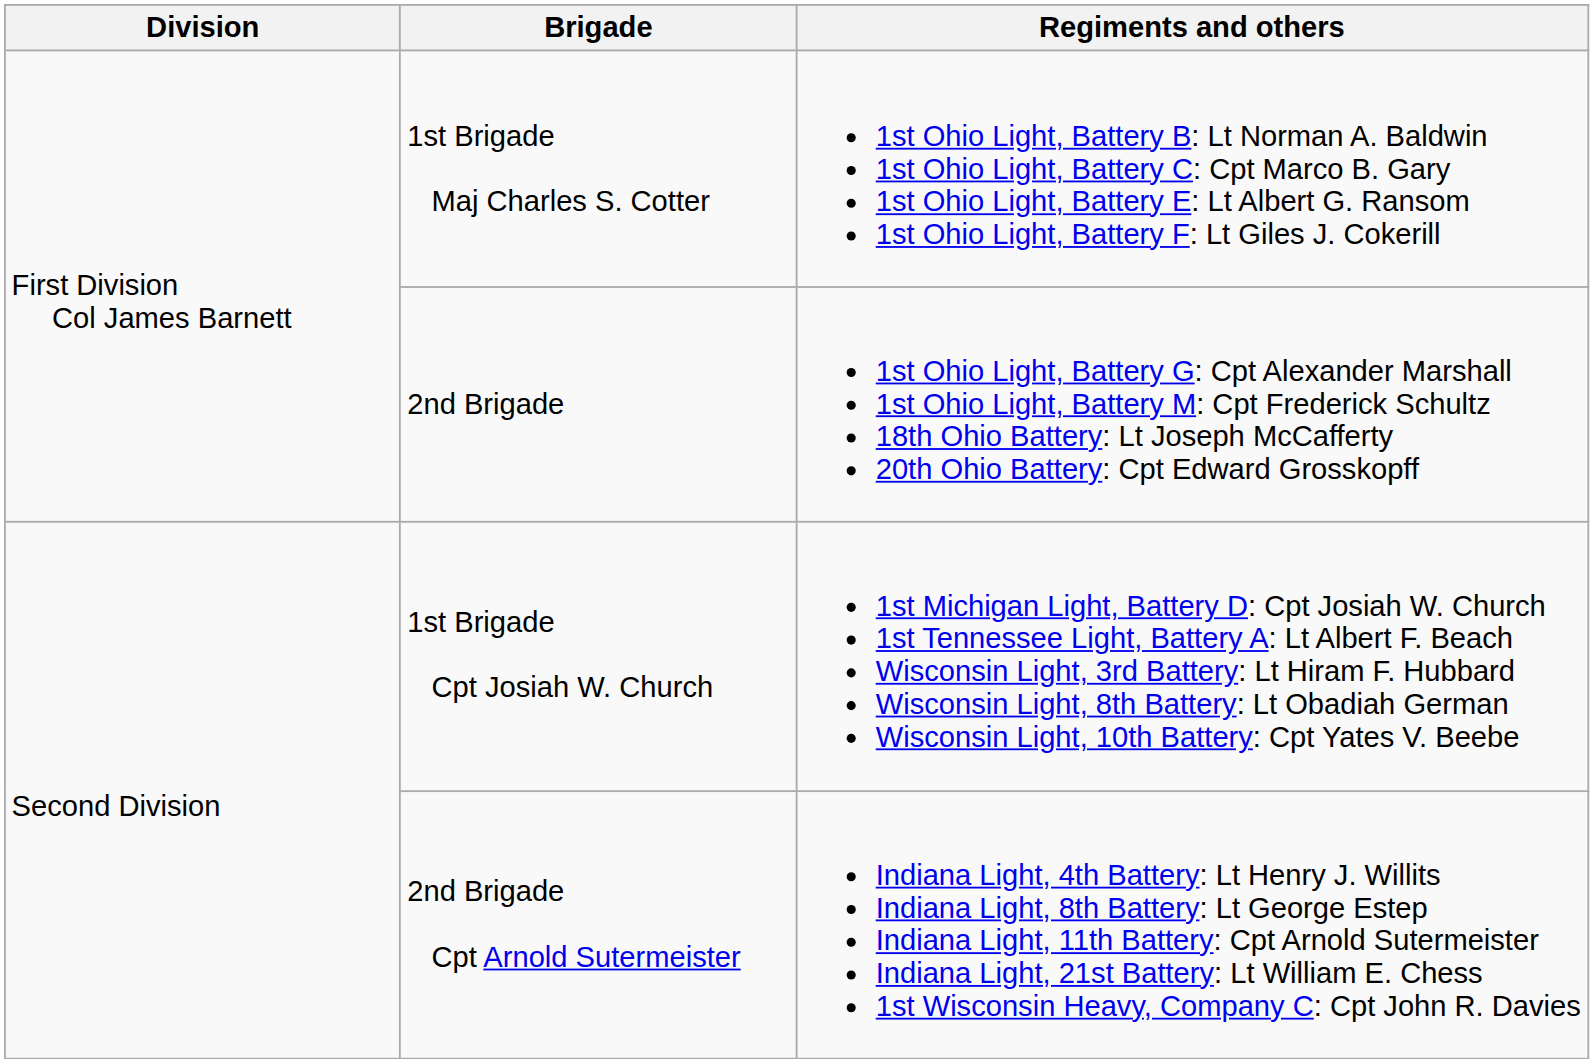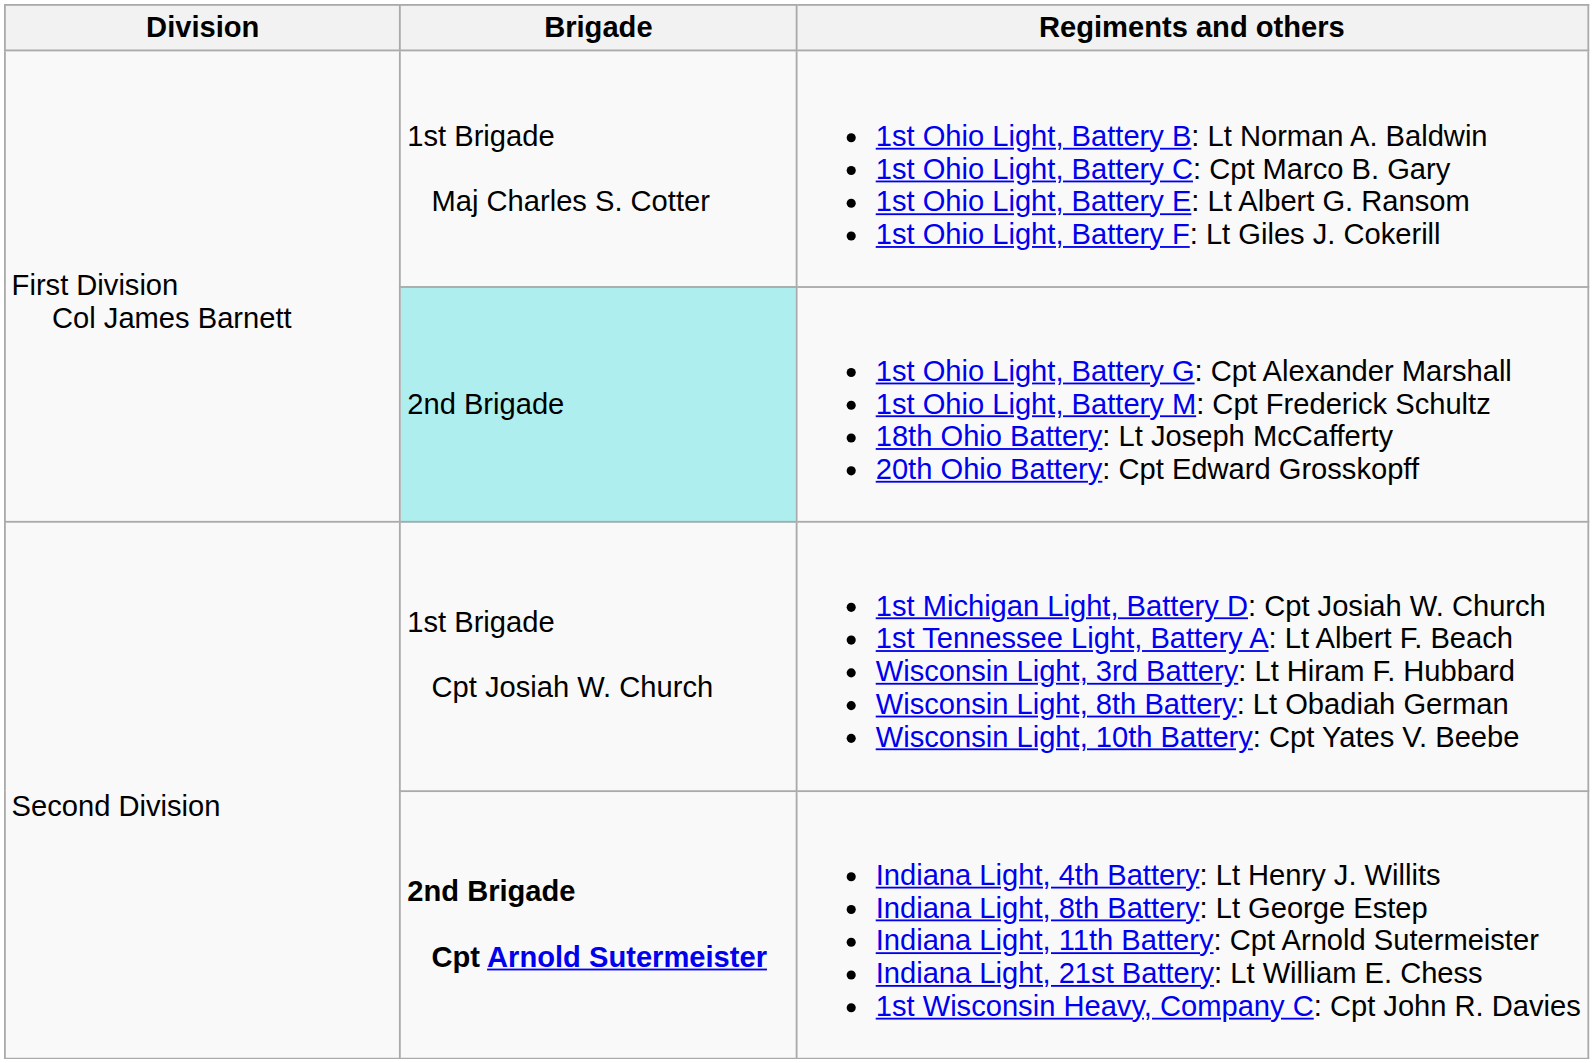 <table class="wikitable">
 <tr>
 <th width=25%>Division</th>
 <th width=25%>Brigade</th>
 <th>Regiments and others</th>
 </tr>
 <tr>
 <td rowspan=2><br>First Division <br>     Col James Barnett</td>
 <td>1st Brigade<br><br>   Maj Charles S. Cotter</td>
 <td><br><ul><li><a href='#'>1st Ohio Light, Battery B</a>: Lt Norman A. Baldwin</li><li><a href='#'>1st Ohio Light, Battery C</a>: Cpt Marco B. Gary</li><li><a href='#'>1st Ohio Light, Battery E</a>: Lt Albert G. Ransom</li><li><a href='#'>1st Ohio Light, Battery F</a>: Lt Giles J. Cokerill</li></ul></td>
 </tr>
 <tr>
-<td>2nd Brigade</td>
+<td style="background: paleturquoise;">2nd Brigade</td>
 <td><br><ul><li><a href='#'>1st Ohio Light, Battery G</a>: Cpt Alexander Marshall</li><li><a href='#'>1st Ohio Light, Battery M</a>: Cpt Frederick Schultz</li><li><a href='#'>18th Ohio Battery</a>: Lt Joseph McCafferty</li><li><a href='#'>20th Ohio Battery</a>: Cpt Edward Grosskopff</li></ul></td>
 </tr>
 <tr>
 <td rowspan=2><br>Second Division</td>
 <td>1st Brigade<br><br>   Cpt Josiah W. Church</td>
 <td><br><ul><li><a href='#'>1st Michigan Light, Battery D</a>: Cpt Josiah W. Church</li><li><a href='#'>1st Tennessee Light, Battery A</a>: Lt Albert F. Beach</li><li><a href='#'>Wisconsin Light, 3rd Battery</a>: Lt Hiram F. Hubbard</li><li><a href='#'>Wisconsin Light, 8th Battery</a>: Lt Obadiah German</li><li><a href='#'>Wisconsin Light, 10th Battery</a>: Cpt Yates V. Beebe</li></ul></td>
 </tr>
 <tr>
-<td>2nd Brigade<br><br>   Cpt <a href='#'>Arnold Sutermeister</a></td>
+<td><strong>2nd Brigade<br><br>   Cpt <a href='#'>Arnold Sutermeister</a></strong></td>
 <td><br><ul><li><a href='#'>Indiana Light, 4th Battery</a>: Lt Henry J. Willits</li><li><a href='#'>Indiana Light, 8th Battery</a>: Lt George Estep</li><li><a href='#'>Indiana Light, 11th Battery</a>: Cpt Arnold Sutermeister</li><li><a href='#'>Indiana Light, 21st Battery</a>: Lt William E. Chess</li><li><a href='#'>1st Wisconsin Heavy, Company C</a>: Cpt John R. Davies</li></ul></td>
 </tr>
 </table>
